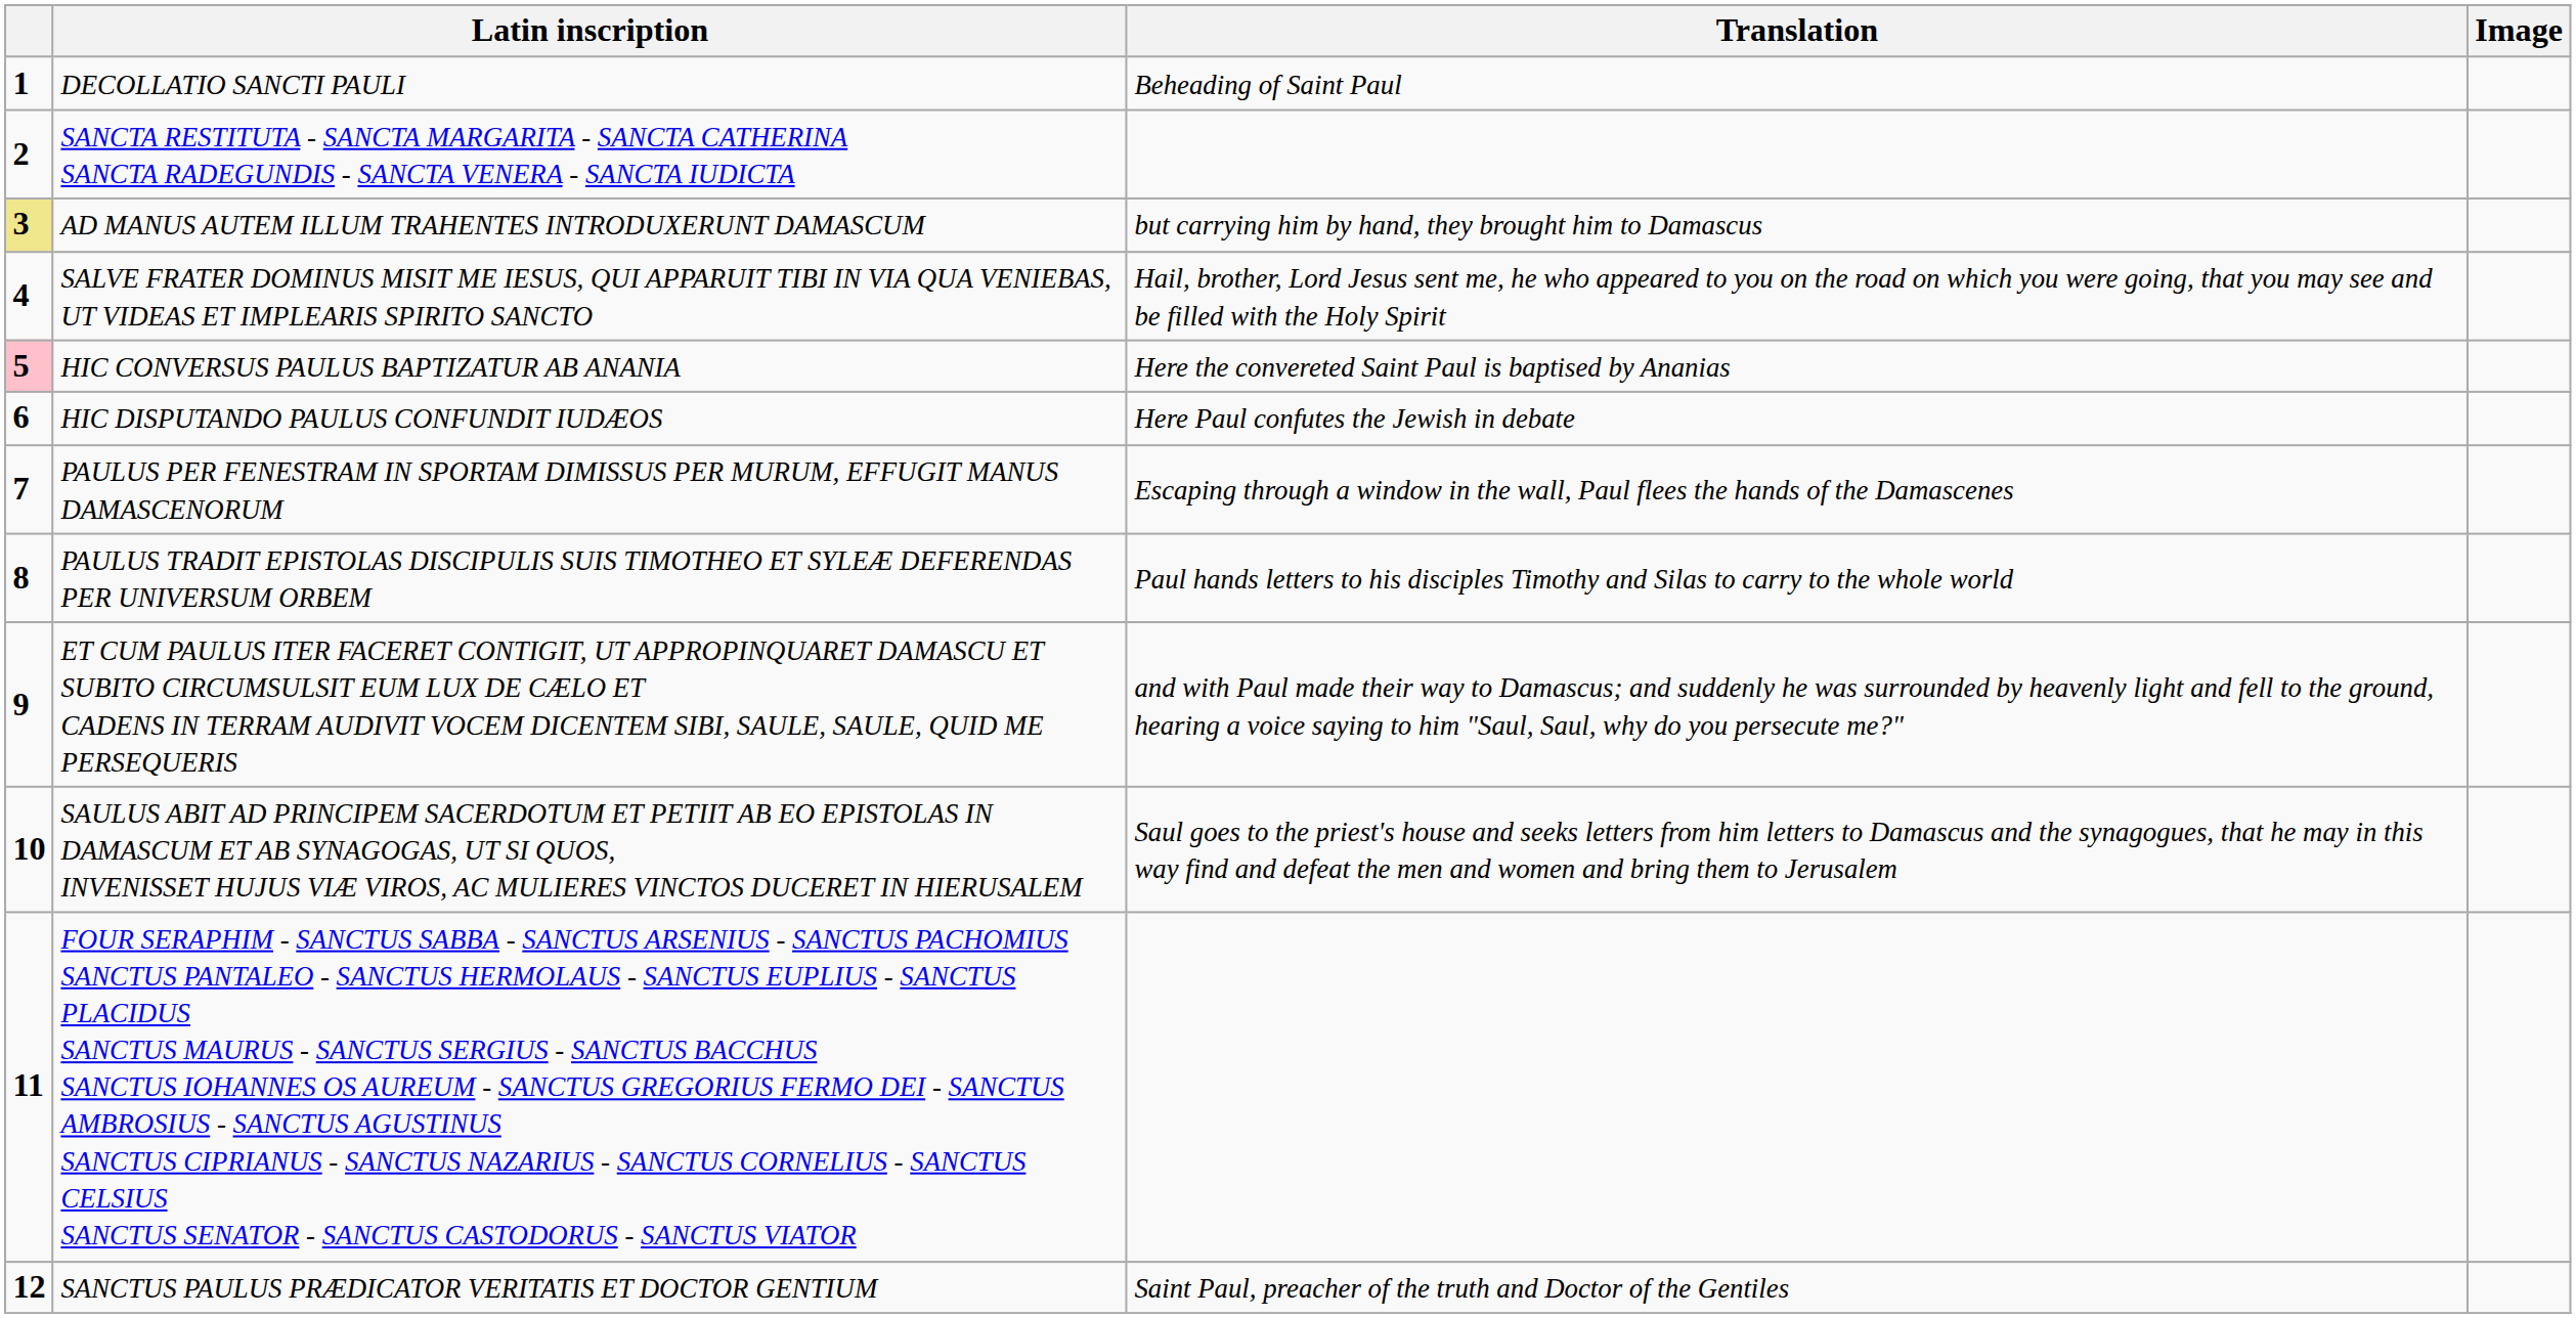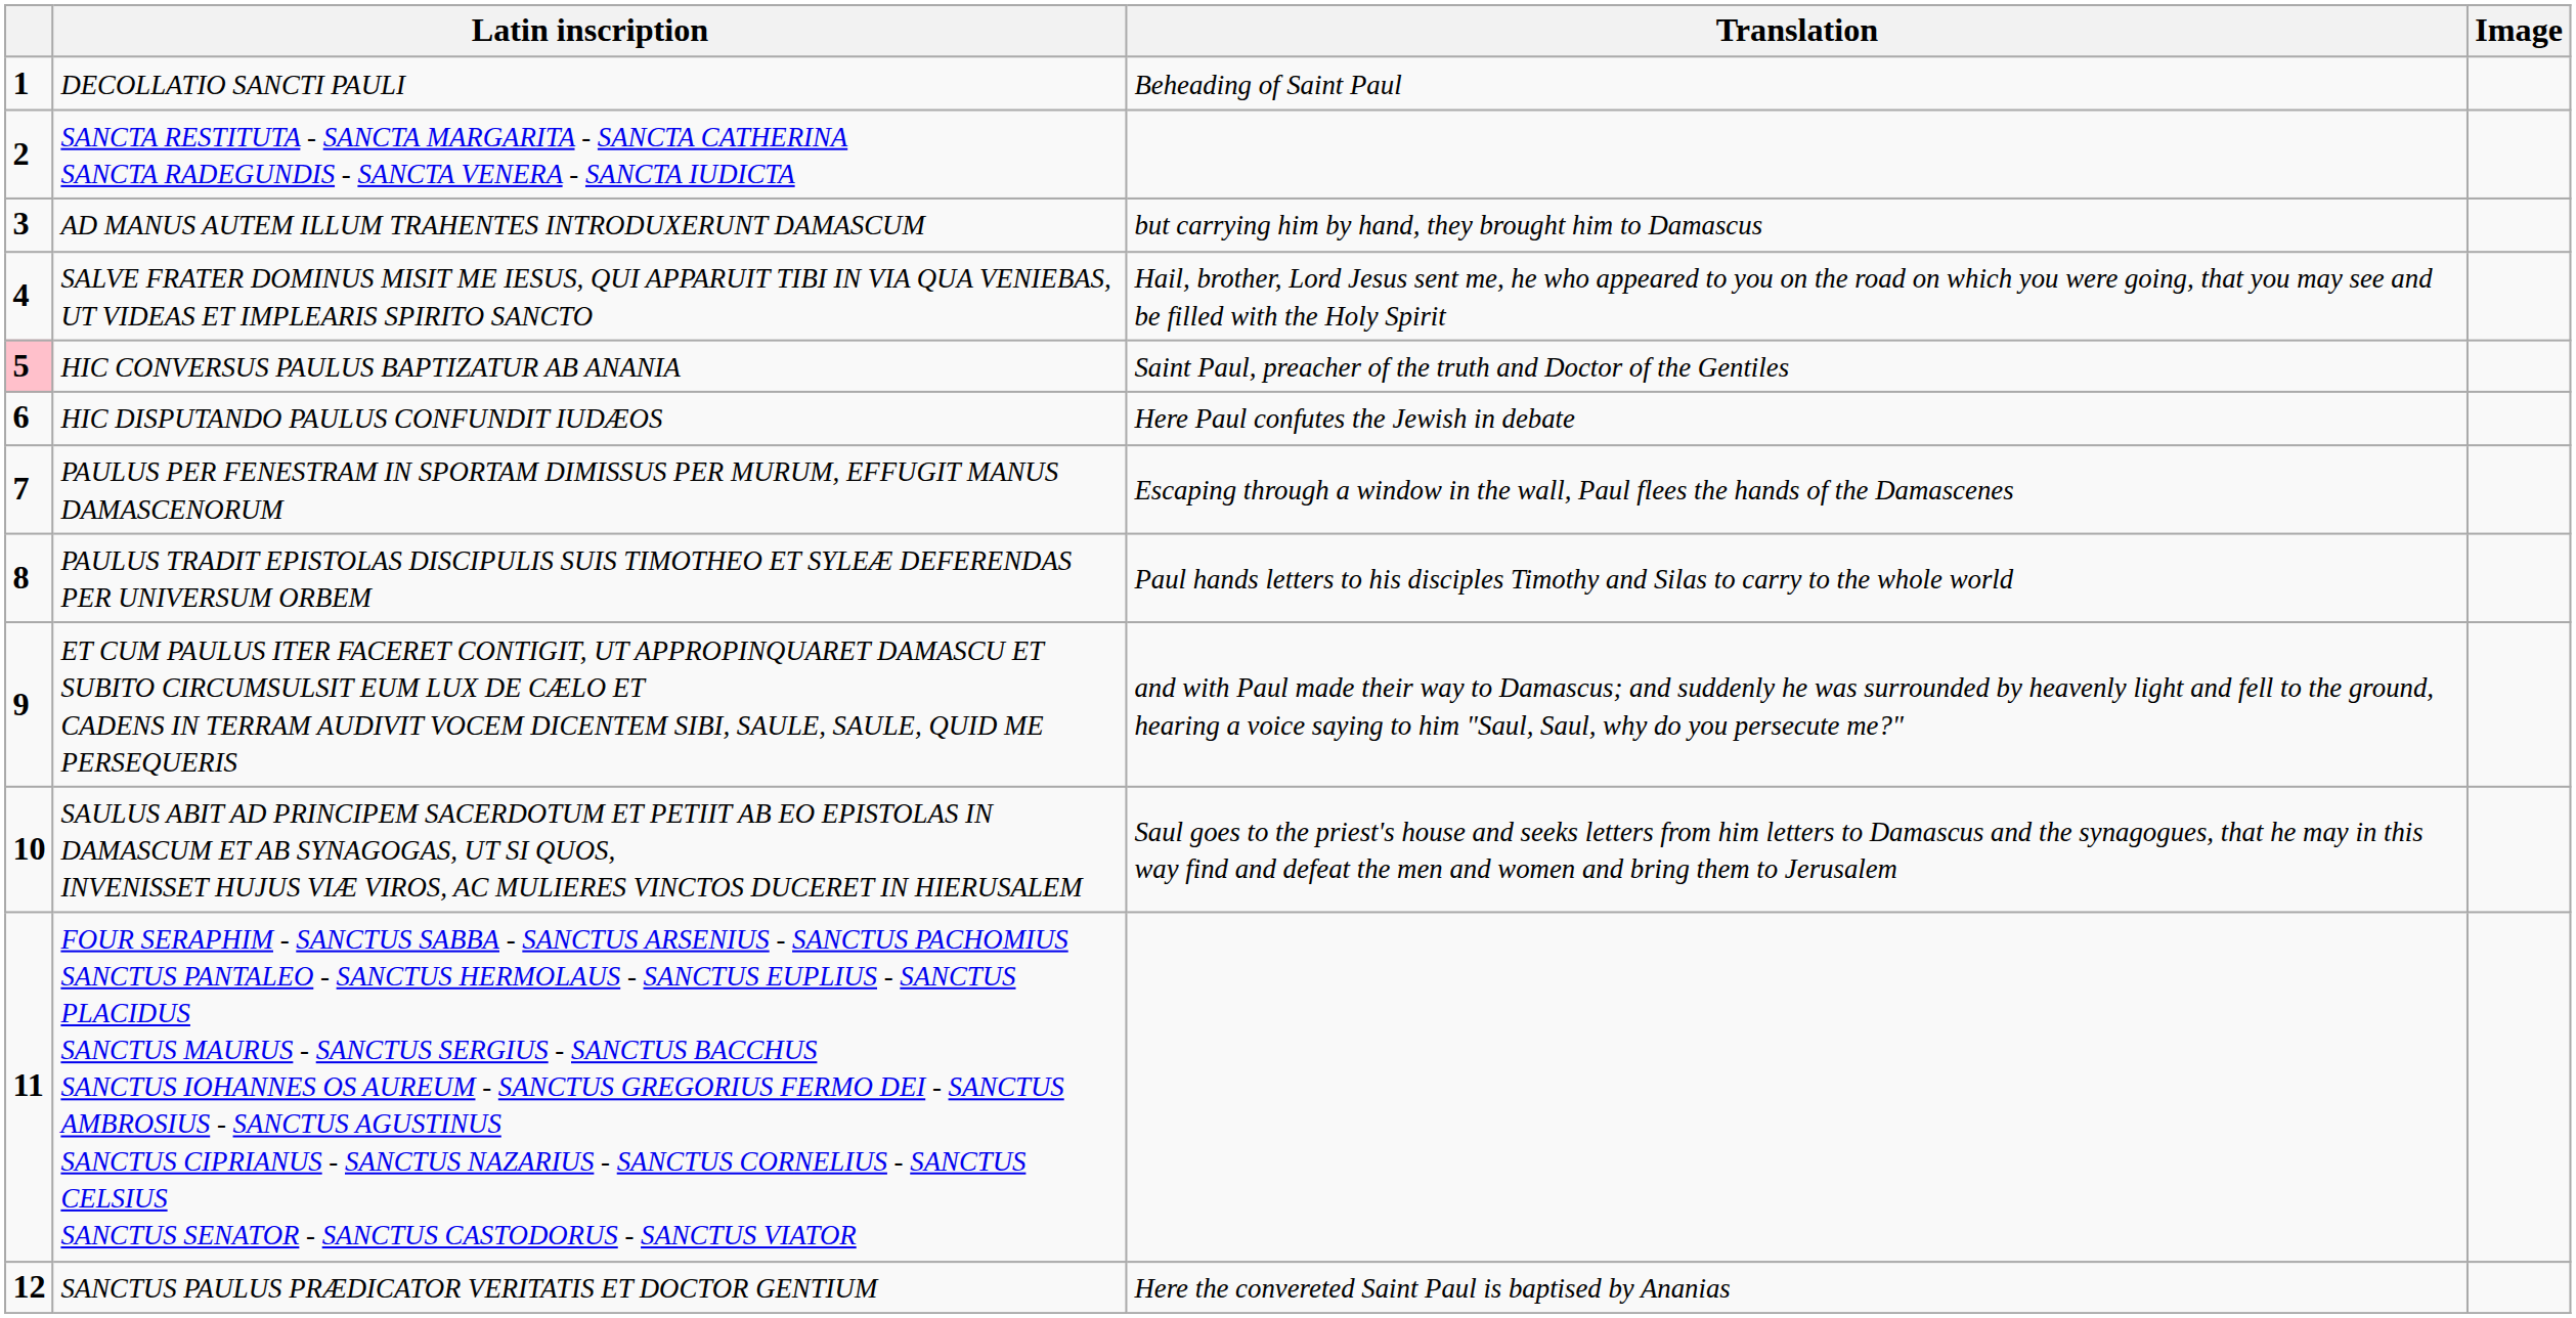 <table class="wikitable">
 <tr>
 <th></th>
 <th>Latin inscription</th>
 <th>Translation</th>
 <th>Image</th>
 </tr>
 <tr>
 <td><strong>1</strong></td>
 <td><small><em>DECOLLATIO SANCTI PAULI</em></small></td>
 <td><small><em>Beheading of Saint Paul</em></small></td>
 <td></td>
 </tr>
 <tr>
 <td><strong>2</strong></td>
 <td><small><em><a href='#'>SANCTA RESTITUTA</a> - <a href='#'>SANCTA MARGARITA</a> - <a href='#'>SANCTA CATHERINA</a></em><br> <em><a href='#'>SANCTA RADEGUNDIS</a> - <a href='#'>SANCTA VENERA</a> - <a href='#'>SANCTA IUDICTA</a></em></small></td>
 <td></td>
 <td></td>
 </tr>
 <tr>
-<td style="background: khaki;"><strong>3</strong></td>
+<td><strong>3</strong></td>
 <td><small><em>AD MANUS AUTEM ILLUM TRAHENTES INTRODUXERUNT DAMASCUM</em></small></td>
 <td><small><em>but carrying him by hand, they brought him to Damascus</em></small></td>
 <td></td>
 </tr>
 <tr>
 <td><strong>4</strong></td>
 <td><small><em>SALVE FRATER DOMINUS MISIT ME IESUS, QUI APPARUIT TIBI IN VIA QUA VENIEBAS, UT VIDEAS ET IMPLEARIS SPIRITO SANCTO</em></small></td>
 <td><small><em>Hail, brother, Lord Jesus sent me, he who appeared to you on the road on which you were going, that you may see and be filled with the Holy Spirit</em></small></td>
 <td></td>
 </tr>
 <tr>
 <td style="background: pink;"><strong>5</strong></td>
 <td><small><em>HIC CONVERSUS PAULUS BAPTIZATUR AB ANANIA</em></small></td>
-<td><small><em>Here the convereted Saint Paul is baptised by Ananias</em></small></td>
+<td><small><em>Saint Paul, preacher of the truth and Doctor of the Gentiles</em></small></td>
 <td></td>
 </tr>
 <tr>
 <td><strong>6</strong></td>
 <td><small><em>HIC DISPUTANDO PAULUS CONFUNDIT IUDÆOS</em></small></td>
 <td><small><em>Here Paul confutes the Jewish in debate</em></small></td>
 <td></td>
 </tr>
 <tr>
 <td><strong>7</strong></td>
 <td><small><em>PAULUS PER FENESTRAM IN SPORTAM DIMISSUS PER MURUM, EFFUGIT MANUS DAMASCENORUM</em></small></td>
 <td><small><em>Escaping through a window in the wall, Paul flees the hands of the Damascenes</em></small></td>
 <td></td>
 </tr>
 <tr>
 <td><strong>8</strong></td>
 <td><small><em>PAULUS TRADIT EPISTOLAS DISCIPULIS SUIS TIMOTHEO ET SYLEÆ DEFERENDAS PER UNIVERSUM ORBEM</em></small></td>
 <td><small><em>Paul hands letters to his disciples Timothy and Silas to carry to the whole world</em></small></td>
 <td></td>
 </tr>
 <tr>
 <td><strong>9</strong></td>
 <td><small><em>ET CUM PAULUS ITER FACERET CONTIGIT, UT APPROPINQUARET DAMASCU ET SUBITO CIRCUMSULSIT EUM LUX DE CÆLO ET<br> CADENS IN TERRAM AUDIVIT VOCEM DICENTEM SIBI, SAULE, SAULE, QUID ME PERSEQUERIS</em></small></td>
 <td><small><em>and with Paul made their way to Damascus; and suddenly he was surrounded by heavenly light and fell to the ground, hearing a voice saying to him "Saul, Saul, why do you persecute me?"</em></small></td>
 <td></td>
 </tr>
 <tr>
 <td><strong>10</strong></td>
 <td><small><em>SAULUS ABIT AD PRINCIPEM SACERDOTUM ET PETIIT AB EO EPISTOLAS IN DAMASCUM ET AB SYNAGOGAS, UT SI QUOS,<br> INVENISSET HUJUS VIÆ VIROS, AC MULIERES VINCTOS DUCERET IN HIERUSALEM</em></small></td>
 <td><small><em>Saul goes to the priest's house and seeks letters from him letters to Damascus and the synagogues, that he may in this way find and defeat the men and women and bring them to Jerusalem</em></small></td>
 <td></td>
 </tr>
 <tr>
 <td><strong>11</strong></td>
 <td><small> <em><a href='#'>FOUR SERAPHIM</a></em> - <em><a href='#'>SANCTUS SABBA</a></em> - <em><a href='#'>SANCTUS ARSENIUS</a></em> - <em><a href='#'>SANCTUS PACHOMIUS</a></em><br> <em><a href='#'>SANCTUS PANTALEO</a></em> - <em><a href='#'>SANCTUS HERMOLAUS</a></em> - <em><a href='#'>SANCTUS EUPLIUS</a></em> - <em><a href='#'>SANCTUS PLACIDUS</a></em><br> <em><a href='#'>SANCTUS MAURUS</a></em> - <em><a href='#'>SANCTUS SERGIUS</a></em> - <em><a href='#'>SANCTUS BACCHUS</a></em><br> <em><a href='#'>SANCTUS IOHANNES OS AUREUM</a></em> - <em><a href='#'>SANCTUS GREGORIUS FERMO DEI</a></em> - <em><a href='#'>SANCTUS AMBROSIUS</a></em> - <em><a href='#'>SANCTUS AGUSTINUS</a></em><br> <em><a href='#'>SANCTUS CIPRIANUS</a></em> - <em><a href='#'>SANCTUS NAZARIUS</a></em> - <em><a href='#'>SANCTUS CORNELIUS</a></em> - <em><a href='#'>SANCTUS CELSIUS</a></em><br> <em><a href='#'>SANCTUS SENATOR</a></em> - <em><a href='#'>SANCTUS CASTODORUS</a></em> - <em><a href='#'>SANCTUS VIATOR</a></em></small></td>
 <td></td>
 <td></td>
 </tr>
 <tr>
 <td><strong>12</strong></td>
 <td><small><em>SANCTUS PAULUS PRÆDICATOR VERITATIS ET DOCTOR GENTIUM</em></small></td>
-<td><small><em>Saint Paul, preacher of the truth and Doctor of the Gentiles</em></small></td>
+<td><small><em>Here the convereted Saint Paul is baptised by Ananias</em></small></td>
 <td></td>
 </tr>
 <tr>
 </tr>
 </table>
